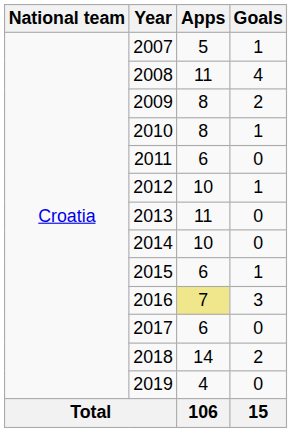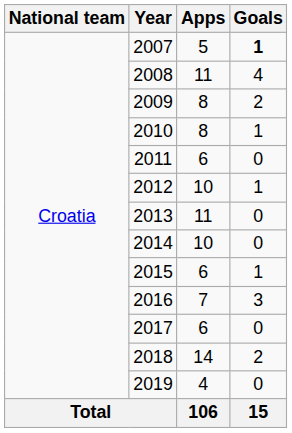 <table class="wikitable" style="text-align:center">
 <tr>
 <th>National team</th>
 <th>Year</th>
 <th>Apps</th>
 <th>Goals</th>
 </tr>
 <tr>
 <td rowspan="13"><a href='#'>Croatia</a></td>
 <td>2007</td>
 <td>5</td>
-<td>1</td>
+<td><strong>1</strong></td>
 </tr>
 <tr>
 <td>2008</td>
 <td>11</td>
 <td>4</td>
 </tr>
 <tr>
 <td>2009</td>
 <td>8</td>
 <td>2</td>
 </tr>
 <tr>
 <td>2010</td>
 <td>8</td>
 <td>1</td>
 </tr>
 <tr>
 <td>2011</td>
 <td>6</td>
 <td>0</td>
 </tr>
 <tr>
 <td>2012</td>
 <td>10</td>
 <td>1</td>
 </tr>
 <tr>
 <td>2013</td>
 <td>11</td>
 <td>0</td>
 </tr>
 <tr>
 <td>2014</td>
 <td>10</td>
 <td>0</td>
 </tr>
 <tr>
 <td>2015</td>
 <td>6</td>
 <td>1</td>
 </tr>
 <tr>
 <td>2016</td>
-<td style="background: khaki;">7</td>
+<td>7</td>
 <td>3</td>
 </tr>
 <tr>
 <td>2017</td>
 <td>6</td>
 <td>0</td>
 </tr>
 <tr>
 <td>2018</td>
 <td>14</td>
 <td>2</td>
 </tr>
 <tr>
 <td>2019</td>
 <td>4</td>
 <td>0</td>
 </tr>
 <tr>
 <th colspan="2">Total</th>
 <th>106</th>
 <th>15</th>
 </tr>
 </table>
